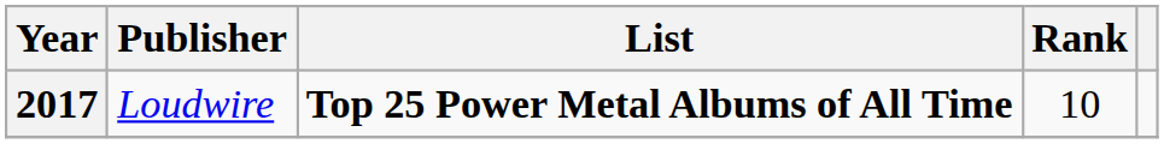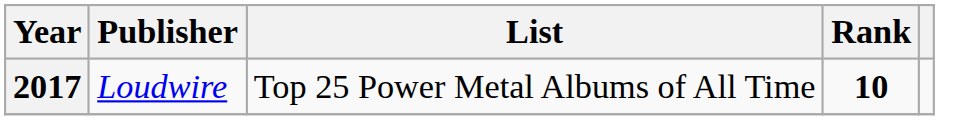 <table class="wikitable plainrowheaders sortable">
 <tr>
 <th>Year</th>
 <th>Publisher</th>
 <th>List</th>
 <th>Rank</th>
 <th class="unsortable"></th>
 </tr>
 <tr>
 <th scope="row" style="text-align:center;">2017</th>
 <td><em><a href='#'>Loudwire</a></em></td>
-<td><strong>Top 25 Power Metal Albums of All Time</strong></td>
-<td align="center">10</td>
+<td>Top 25 Power Metal Albums of All Time</td>
+<td align="center"><strong>10</strong></td>
 <td></td>
 </tr>
 <tr>
 </tr>
 </table>
